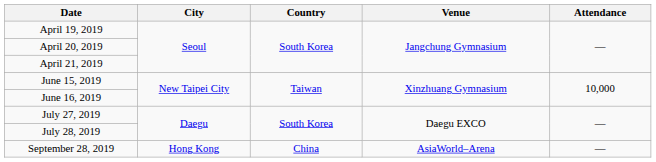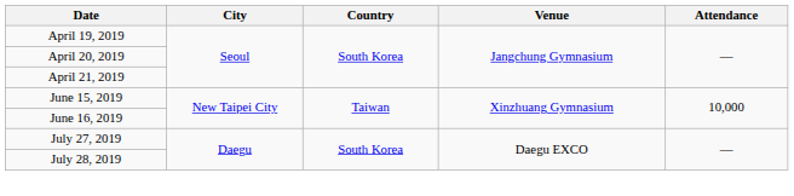 <table class="wikitable" style="text-align:center;">
 <tr>
 <th scope="col" style="width:12em;">Date</th>
 <th scope="col" style="width:10em;">City</th>
 <th scope="col" style="width:10em;">Country</th>
 <th scope="col" style="width:17em;">Venue</th>
 <th scope="col" style="width:9em;">Attendance</th>
 </tr>
 <tr>
 <td>April 19, 2019</td>
 <td rowspan="3"><a href='#'>Seoul</a></td>
 <td rowspan="3"><a href='#'>South Korea</a></td>
 <td rowspan="3"><a href='#'>Jangchung Gymnasium</a></td>
 <td rowspan="3">—</td>
 </tr>
 <tr>
 <td>April 20, 2019</td>
 </tr>
 <tr>
 <td>April 21, 2019</td>
 </tr>
 <tr>
 <td>June 15, 2019</td>
 <td rowspan="2"><a href='#'>New Taipei City</a></td>
 <td rowspan="2"><a href='#'>Taiwan</a></td>
 <td rowspan="2"><a href='#'>Xinzhuang Gymnasium</a></td>
 <td rowspan="2">10,000</td>
 </tr>
 <tr>
 <td>June 16, 2019</td>
 </tr>
 <tr>
 <td>July 27, 2019</td>
 <td rowspan="2"><a href='#'>Daegu</a></td>
 <td rowspan="2"><a href='#'>South Korea</a></td>
 <td rowspan="2">Daegu EXCO</td>
 <td rowspan="2">—</td>
 </tr>
 <tr>
 <td>July 28, 2019</td>
 </tr>
-<tr>
-<td>September 28, 2019</td>
-<td><a href='#'>Hong Kong</a></td>
-<td><a href='#'>China</a></td>
-<td><a href='#'>AsiaWorld–Arena</a></td>
-<td>—</td>
-</tr>
 </table>
